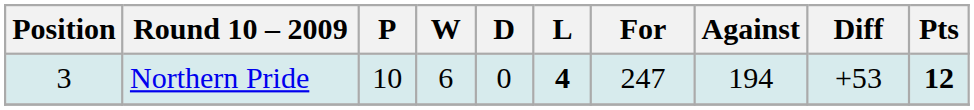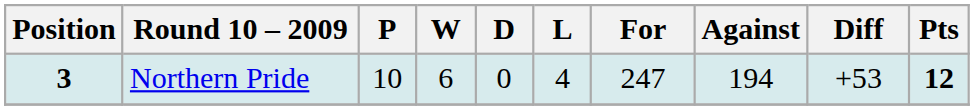 <table class="wikitable" style="text-align:center; font-size:85%;">
 <tr>
 <th width=40 abbr="Position">Position</th>
 <th width=100>Round 10 – 2009</th>
 <th width=20 abbr="Played">P</th>
 <th width=20 abbr="Won">W</th>
 <th width=20 abbr="Drawn">D</th>
 <th width=20 abbr="Lost">L</th>
 <th width=40 abbr="Points for">For</th>
 <th width=40 abbr="Points against">Against</th>
 <th width=40 abbr="Points difference">Diff</th>
 <th width=20 abbr="Points">Pts</th>
 </tr>
 <tr style="background: #d7ebed;">
-<td>3</td>
+<td><strong>3</strong></td>
 <td style="text-align:left;"> <a href='#'>Northern Pride</a></td>
 <td>10</td>
 <td>6</td>
 <td>0</td>
-<td><strong>4</strong></td>
+<td>4</td>
 <td>247</td>
 <td>194</td>
 <td>+53</td>
 <td><strong>12</strong></td>
 </tr>
 <tr>
 </tr>
 </table>
